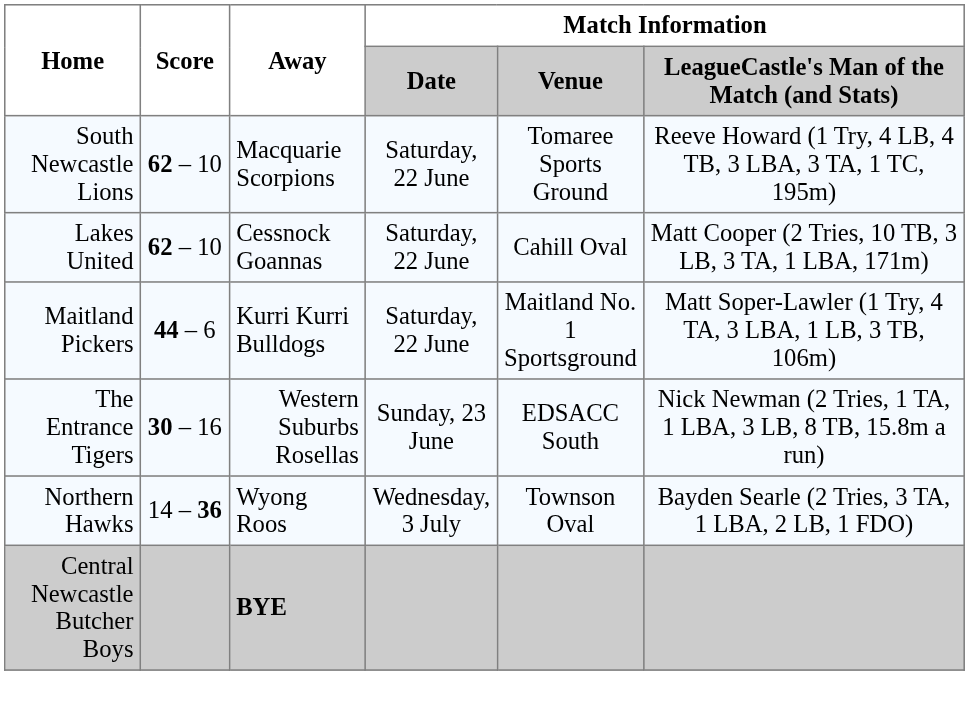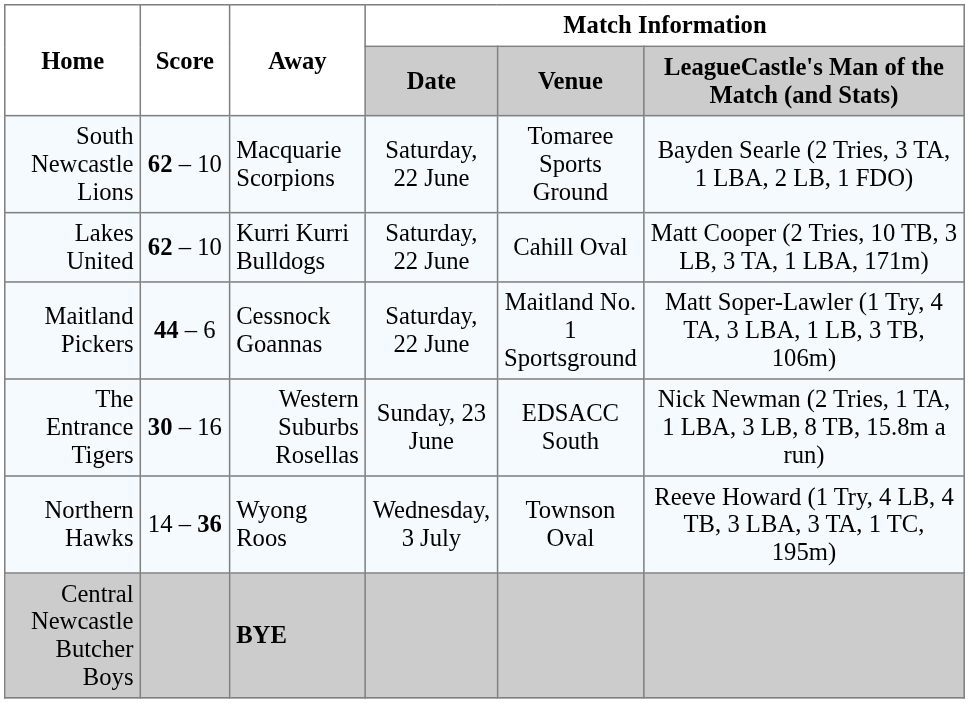 <table width="100%" cellspacing="0" cellpadding="4" border="1" style="border-collapse:collapse;  text-align:center;">
 <tr>
 <th rowspan="2" width="15%">Home</th>
 <th rowspan="2" width="10%">Score</th>
 <th rowspan="2" width="15%">Away</th>
 <th colspan="4">Match Information</th>
 </tr>
 <tr style="background:#CCCCCC">
 <th width="10%">Date</th>
 <th width="10%">Venue</th>
 <th width="40%">LeagueCastle's Man of the Match (and Stats)</th>
 </tr>
 <tr style="text-align:center; background:#f5faff;">
 <td align="right"> South Newcastle Lions</td>
 <td><strong>62</strong> – 10</td>
 <td align="left"> Macquarie Scorpions</td>
 <td>Saturday, 22 June</td>
 <td>Tomaree Sports Ground</td>
-<td>Reeve Howard  (1 Try, 4 LB, 4 TB, 3 LBA, 3 TA, 1 TC, 195m)</td>
+<td>Bayden Searle  (2 Tries, 3 TA, 1 LBA, 2 LB, 1 FDO)</td>
 </tr>
 <tr style="text-align:center; background:#f5faff;">
 <td align="right"> Lakes United</td>
 <td><strong>62</strong> – 10</td>
-<td align="left"> Cessnock Goannas</td>
+<td align="left"> Kurri Kurri Bulldogs</td>
 <td>Saturday, 22 June</td>
 <td>Cahill Oval</td>
 <td>Matt Cooper  (2 Tries, 10 TB, 3 LB, 3 TA, 1 LBA, 171m)</td>
 </tr>
 <tr style="text-align:center; background:#f5faff;">
 <td align="right"> Maitland Pickers</td>
 <td><strong>44</strong> – 6</td>
-<td align="left"> Kurri Kurri Bulldogs</td>
+<td align="left"> Cessnock Goannas</td>
 <td>Saturday, 22 June</td>
 <td>Maitland No. 1 Sportsground</td>
 <td>Matt Soper-Lawler  (1 Try, 4 TA, 3 LBA, 1 LB, 3 TB, 106m)</td>
 </tr>
 <tr style="text-align:center; background:#f5faff;">
 <td align="right"> The Entrance Tigers</td>
 <td><strong>30</strong> – 16</td>
 <td align="right"> Western Suburbs Rosellas</td>
 <td>Sunday, 23 June</td>
 <td>EDSACC South</td>
 <td>Nick Newman  (2 Tries, 1 TA, 1 LBA, 3 LB, 8 TB, 15.8m a run)</td>
 </tr>
 <tr style="text-align:center; background:#f5faff;">
 <td align="right"> Northern Hawks</td>
 <td>14 – <strong>36</strong></td>
 <td align="left"> Wyong Roos</td>
 <td>Wednesday, 3 July</td>
 <td>Townson Oval</td>
-<td>Bayden Searle  (2 Tries, 3 TA, 1 LBA, 2 LB, 1 FDO)</td>
+<td>Reeve Howard  (1 Try, 4 LB, 4 TB, 3 LBA, 3 TA, 1 TC, 195m)</td>
 </tr>
 <tr style="text-align:center; background:#CCCCCC;">
 <td align="right"> Central Newcastle Butcher Boys</td>
 <td></td>
 <td align="left"><strong>BYE</strong></td>
 <td></td>
 <td></td>
 <td></td>
 </tr>
 </table>
